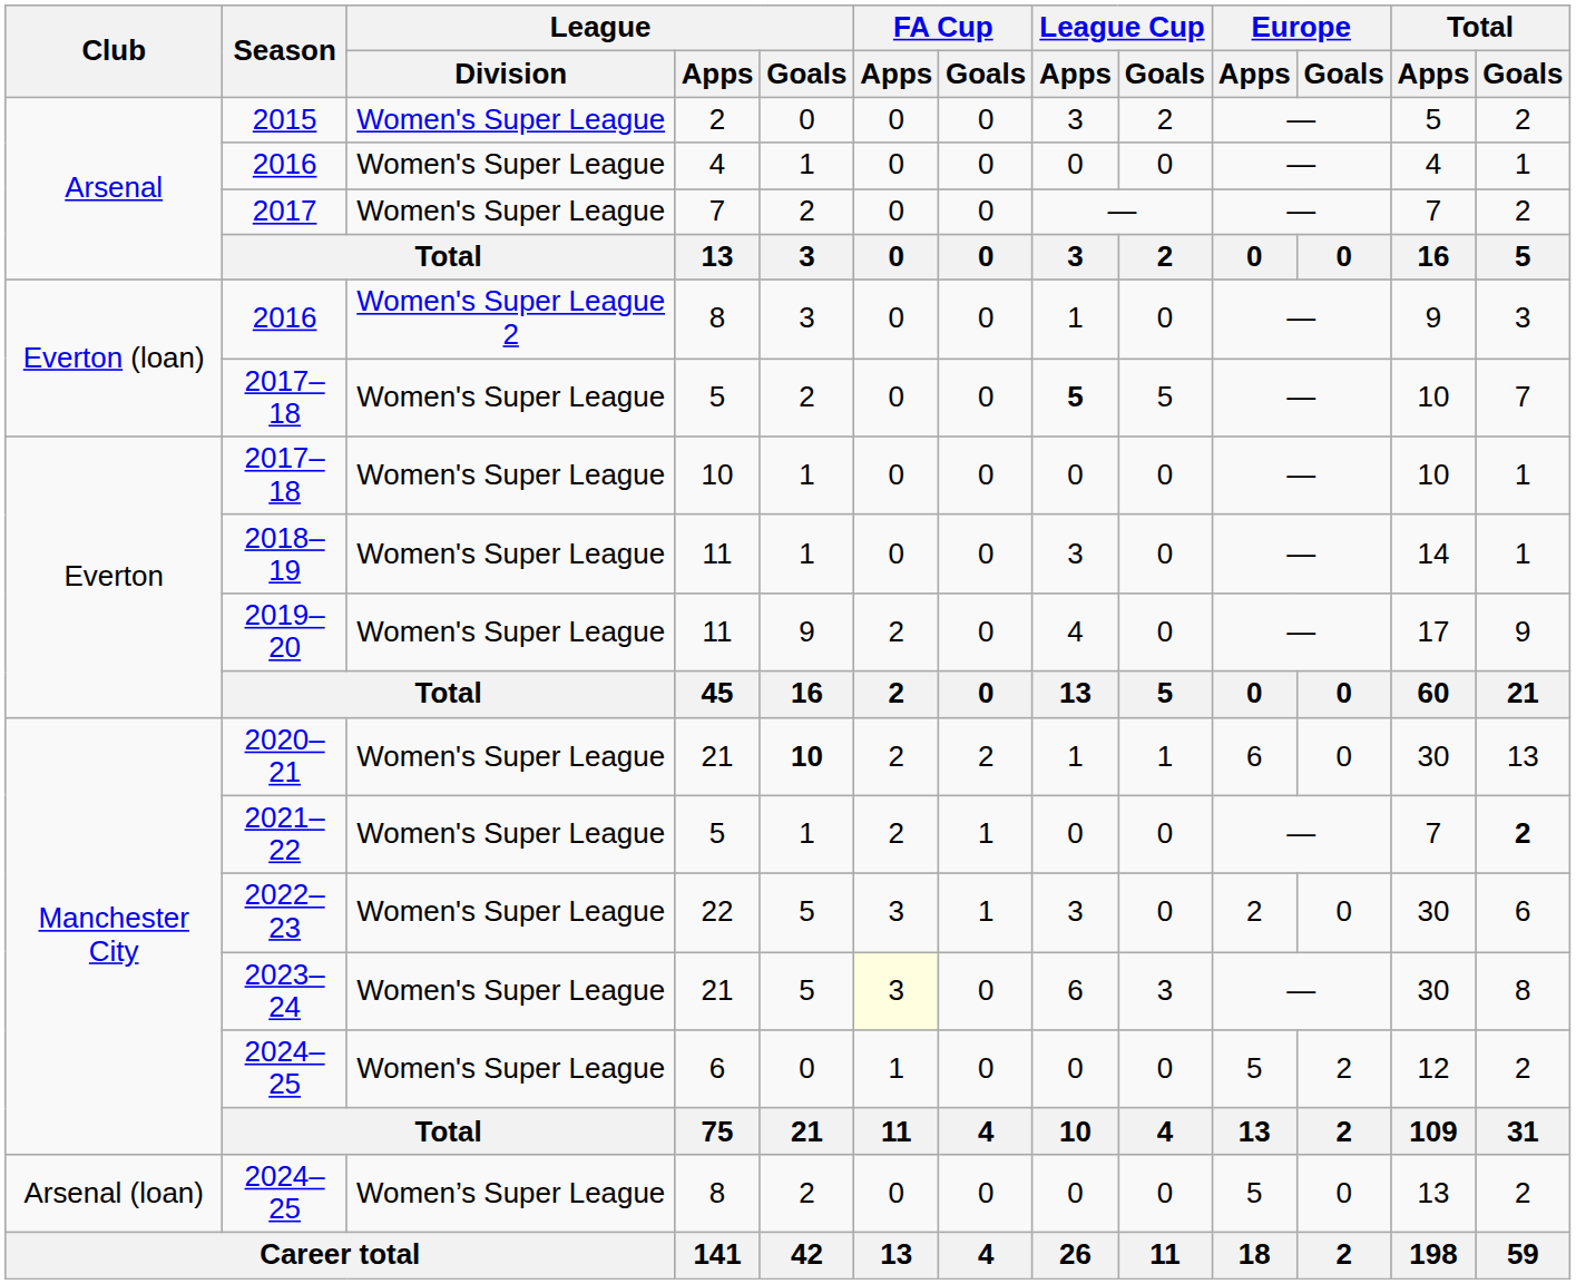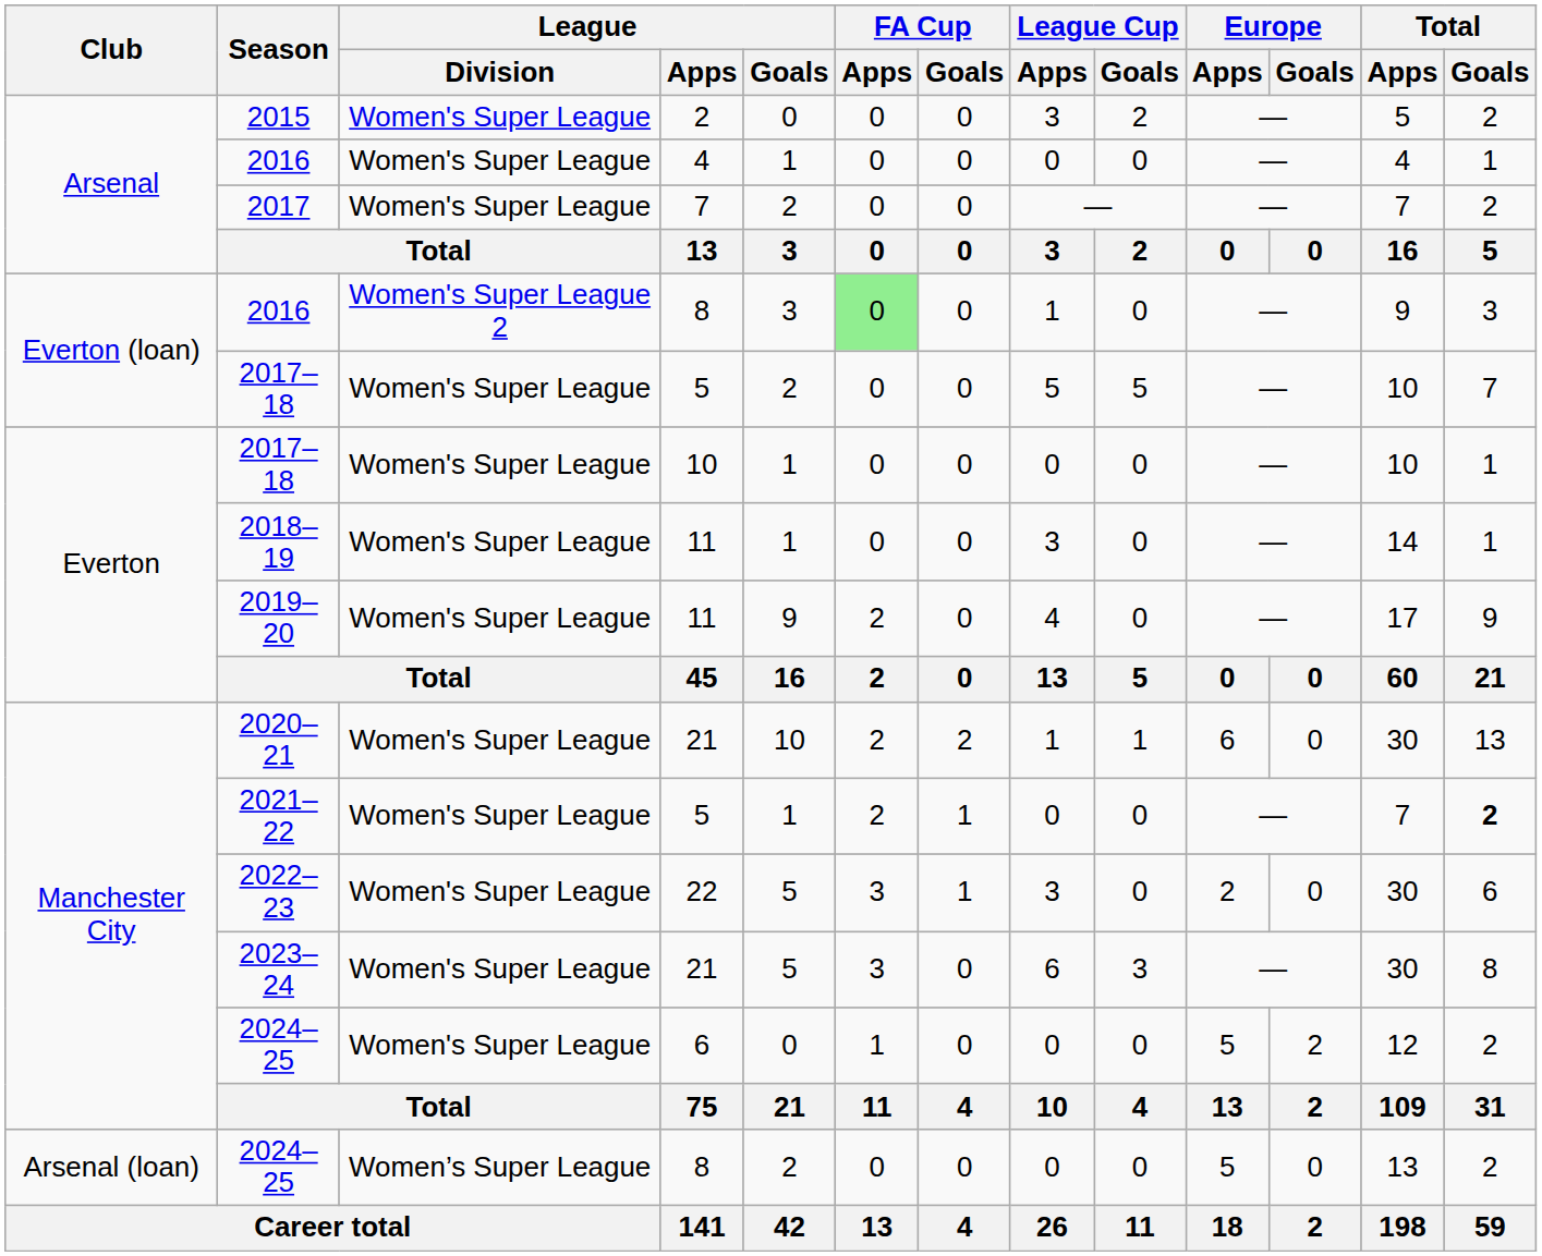 <table class="wikitable" style="text-align:center">
 <tr>
 <th rowspan="2">Club</th>
 <th rowspan="2">Season</th>
 <th colspan="3">League</th>
 <th colspan="2"><a href='#'>FA Cup</a></th>
 <th colspan="2"><a href='#'>League Cup</a></th>
 <th colspan="2"><a href='#'>Europe</a></th>
 <th colspan="2">Total</th>
 </tr>
 <tr>
 <th>Division</th>
 <th>Apps</th>
 <th>Goals</th>
 <th>Apps</th>
 <th>Goals</th>
 <th>Apps</th>
 <th>Goals</th>
 <th>Apps</th>
 <th>Goals</th>
 <th>Apps</th>
 <th>Goals</th>
 </tr>
 <tr>
 <td rowspan="4"><a href='#'>Arsenal</a></td>
 <td><a href='#'>2015</a></td>
 <td><a href='#'>Women's Super League</a></td>
 <td>2</td>
 <td>0</td>
 <td>0</td>
 <td>0</td>
 <td>3</td>
 <td>2</td>
 <td colspan=2>—</td>
 <td>5</td>
 <td>2</td>
 </tr>
 <tr>
 <td><a href='#'>2016</a></td>
 <td>Women's Super League</td>
 <td>4</td>
 <td>1</td>
 <td>0</td>
 <td>0</td>
 <td>0</td>
 <td>0</td>
 <td colspan=2>—</td>
 <td>4</td>
 <td>1</td>
 </tr>
 <tr>
 <td><a href='#'>2017</a></td>
 <td>Women's Super League</td>
 <td>7</td>
 <td>2</td>
 <td>0</td>
 <td>0</td>
 <td colspan="2">—</td>
 <td colspan=2>—</td>
 <td>7</td>
 <td>2</td>
 </tr>
 <tr>
 <th colspan="2">Total</th>
 <th>13</th>
 <th>3</th>
 <th>0</th>
 <th>0</th>
 <th>3</th>
 <th>2</th>
 <th>0</th>
 <th>0</th>
 <th>16</th>
 <th>5</th>
 </tr>
 <tr>
 <td rowspan="2"><a href='#'>Everton</a> (loan)</td>
 <td><a href='#'>2016</a></td>
 <td><a href='#'>Women's Super League 2</a></td>
 <td>8</td>
 <td>3</td>
-<td>0</td>
+<td style="background: lightgreen;">0</td>
 <td>0</td>
 <td>1</td>
 <td>0</td>
 <td colspan=2>—</td>
 <td>9</td>
 <td>3</td>
 </tr>
 <tr>
 <td><a href='#'>2017–18</a></td>
 <td>Women's Super League</td>
 <td>5</td>
 <td>2</td>
 <td>0</td>
 <td>0</td>
-<td><strong>5</strong></td>
+<td>5</td>
 <td>5</td>
 <td colspan=2>—</td>
 <td>10</td>
 <td>7</td>
 </tr>
 <tr>
 <td rowspan="4">Everton</td>
 <td><a href='#'>2017–18</a></td>
 <td>Women's Super League</td>
 <td>10</td>
 <td>1</td>
 <td>0</td>
 <td>0</td>
 <td>0</td>
 <td>0</td>
 <td colspan=2>—</td>
 <td>10</td>
 <td>1</td>
 </tr>
 <tr>
 <td><a href='#'>2018–19</a></td>
 <td>Women's Super League</td>
 <td>11</td>
 <td>1</td>
 <td>0</td>
 <td>0</td>
 <td>3</td>
 <td>0</td>
 <td colspan=2>—</td>
 <td>14</td>
 <td>1</td>
 </tr>
 <tr>
 <td><a href='#'>2019–20</a></td>
 <td>Women's Super League</td>
 <td>11</td>
 <td>9</td>
 <td>2</td>
 <td>0</td>
 <td>4</td>
 <td>0</td>
 <td colspan=2>—</td>
 <td>17</td>
 <td>9</td>
 </tr>
 <tr>
 <th colspan="2">Total</th>
 <th>45</th>
 <th>16</th>
 <th>2</th>
 <th>0</th>
 <th>13</th>
 <th>5</th>
 <th>0</th>
 <th>0</th>
 <th>60</th>
 <th>21</th>
 </tr>
 <tr>
 <td rowspan="6"><a href='#'>Manchester City</a></td>
 <td><a href='#'>2020–21</a></td>
 <td>Women's Super League</td>
 <td>21</td>
-<td><strong>10</strong></td>
+<td>10</td>
 <td>2</td>
 <td>2</td>
 <td>1</td>
 <td>1</td>
 <td>6</td>
 <td>0</td>
 <td>30</td>
 <td>13</td>
 </tr>
 <tr>
 <td><a href='#'>2021–22</a></td>
 <td>Women's Super League</td>
 <td>5</td>
 <td>1</td>
 <td>2</td>
 <td>1</td>
 <td>0</td>
 <td>0</td>
 <td colspan=2>—</td>
 <td>7</td>
 <td><strong>2</strong></td>
 </tr>
 <tr>
 <td><a href='#'>2022–23</a></td>
 <td>Women's Super League</td>
 <td>22</td>
 <td>5</td>
 <td>3</td>
 <td>1</td>
 <td>3</td>
 <td>0</td>
 <td>2</td>
 <td>0</td>
 <td>30</td>
 <td>6</td>
 </tr>
 <tr>
 <td><a href='#'>2023–24</a></td>
 <td>Women's Super League</td>
 <td>21</td>
 <td>5</td>
-<td style="background: lightyellow;">3</td>
+<td>3</td>
 <td>0</td>
 <td>6</td>
 <td>3</td>
 <td colspan="2">—</td>
 <td>30</td>
 <td>8</td>
 </tr>
 <tr>
 <td><a href='#'>2024–25</a></td>
 <td>Women's Super League</td>
 <td>6</td>
 <td>0</td>
 <td>1</td>
 <td>0</td>
 <td>0</td>
 <td>0</td>
 <td>5</td>
 <td>2</td>
 <td>12</td>
 <td>2</td>
 </tr>
 <tr>
 <th colspan="2">Total</th>
 <th>75</th>
 <th>21</th>
 <th>11</th>
 <th>4</th>
 <th>10</th>
 <th>4</th>
 <th>13</th>
 <th>2</th>
 <th>109</th>
 <th>31</th>
 </tr>
 <tr>
 <td>Arsenal (loan)</td>
 <td><a href='#'>2024–25</a></td>
 <td>Women’s Super League</td>
 <td>8</td>
 <td>2</td>
 <td>0</td>
 <td>0</td>
 <td>0</td>
 <td>0</td>
 <td>5</td>
 <td>0</td>
 <td>13</td>
 <td>2</td>
 </tr>
 <tr>
 <th colspan="3">Career total</th>
 <th>141</th>
 <th>42</th>
 <th>13</th>
 <th>4</th>
 <th>26</th>
 <th>11</th>
 <th>18</th>
 <th>2</th>
 <th>198</th>
 <th>59</th>
 </tr>
 </table>
